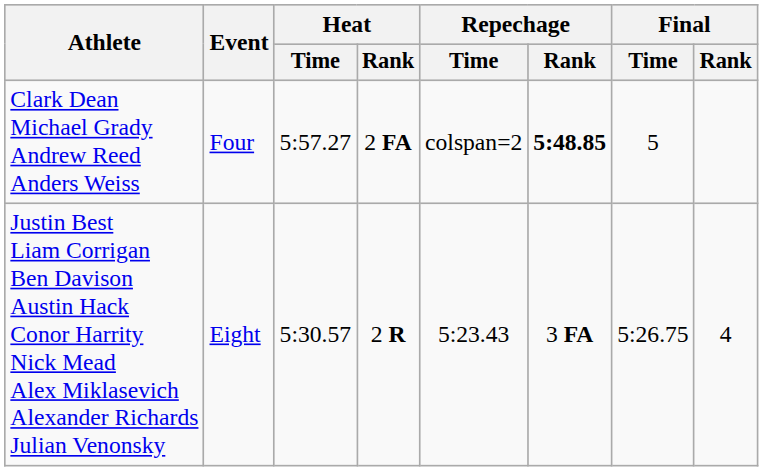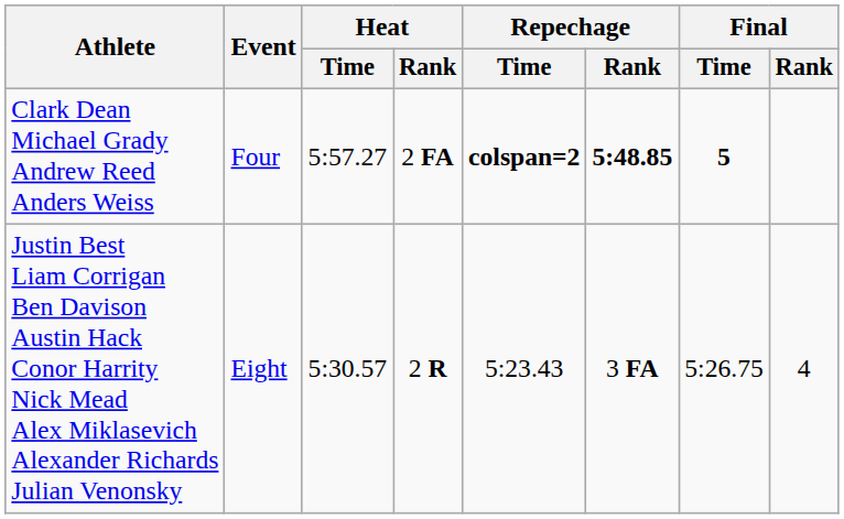 <table class=wikitable style=font-size:90%;text-align:center>
 <tr>
 <th rowspan=2>Athlete</th>
 <th rowspan=2>Event</th>
 <th colspan=2>Heat</th>
 <th colspan=2>Repechage</th>
 <th colspan=2>Final</th>
 </tr>
 <tr style=font-size:95%>
 <th>Time</th>
 <th>Rank</th>
 <th>Time</th>
 <th>Rank</th>
 <th>Time</th>
 <th>Rank</th>
 </tr>
 <tr>
 <td align=left><a href='#'>Clark Dean</a><br><a href='#'>Michael Grady</a><br><a href='#'>Andrew Reed</a><br><a href='#'>Anders Weiss</a></td>
 <td align=left><a href='#'>Four</a></td>
 <td>5:57.27</td>
 <td>2 <strong>FA</strong></td>
-<td>colspan=2 </td>
+<td><strong>colspan=2 </strong></td>
 <td><strong>5:48.85</strong></td>
-<td>5</td>
+<td><strong>5</strong></td>
 </tr>
 <tr>
 <td align=left><a href='#'>Justin Best</a><br><a href='#'>Liam Corrigan</a><br><a href='#'>Ben Davison</a><br><a href='#'>Austin Hack</a><br><a href='#'>Conor Harrity</a><br><a href='#'>Nick Mead</a><br><a href='#'>Alex Miklasevich</a><br><a href='#'>Alexander Richards</a><br><a href='#'>Julian Venonsky</a></td>
 <td align=left><a href='#'>Eight</a></td>
 <td>5:30.57</td>
 <td>2 <strong>R</strong></td>
 <td>5:23.43</td>
 <td>3 <strong>FA</strong></td>
 <td>5:26.75</td>
 <td>4</td>
 </tr>
 </table>
